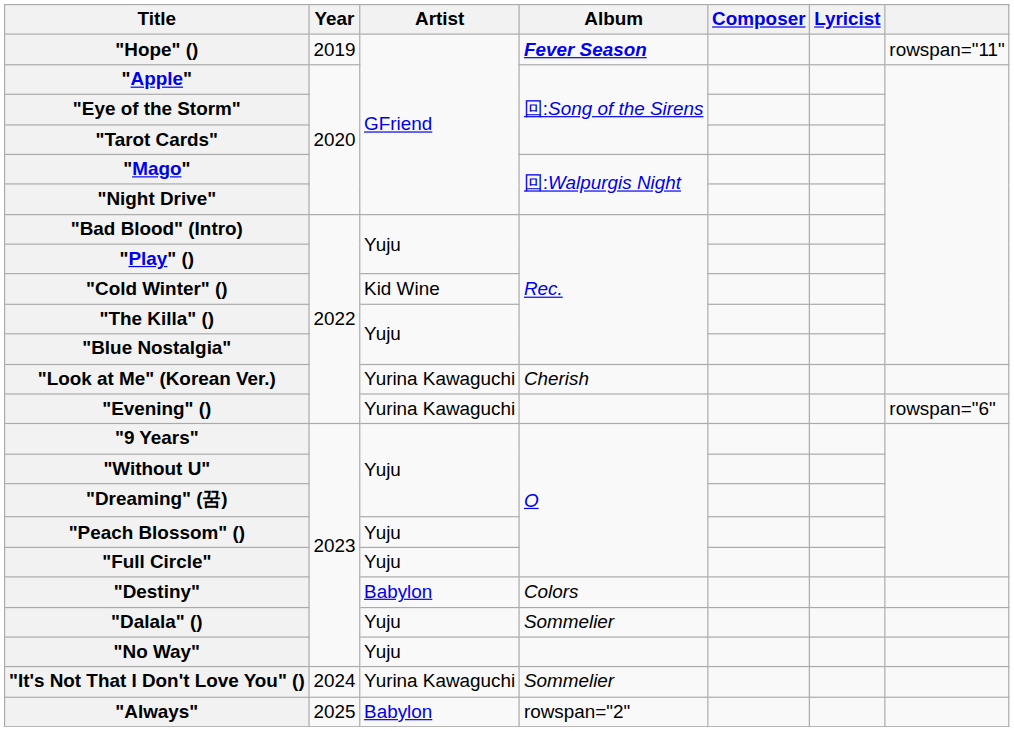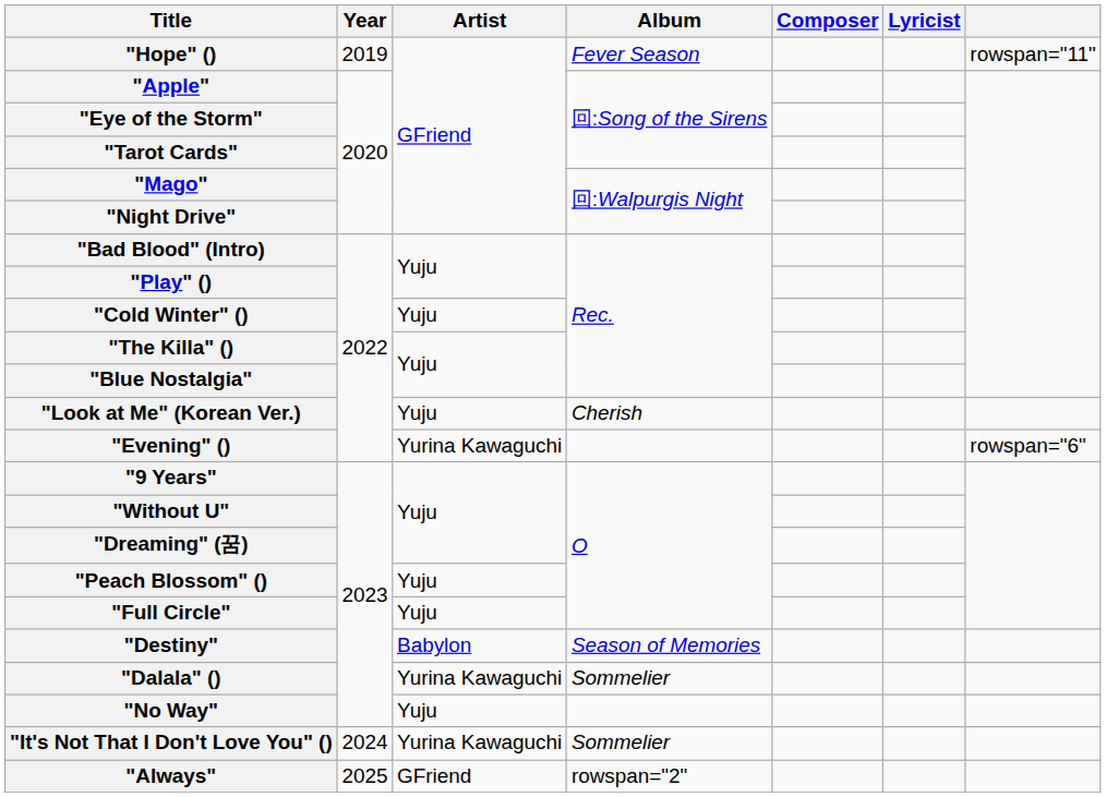 <table class="wikitable plainrowheaders sortable">
 <tr>
 <th scope="col">Title</th>
 <th scope="col">Year</th>
 <th scope="col">Artist</th>
 <th scope="col">Album</th>
 <th scope="col"><a href='#'>Composer</a></th>
 <th scope="col"><a href='#'>Lyricist</a></th>
 <th scope="col" class="unsortable"></th>
 </tr>
 <tr>
 <th scope="row">"Hope" ()</th>
 <td style="text-align:center">2019</td>
 <td rowspan="6"><a href='#'>GFriend</a></td>
-<td><strong><a href='#'><em>Fever Season</em></a></strong></td>
+<td><a href='#'><em>Fever Season</em></a></td>
 <td></td>
 <td></td>
 <td>rowspan="11" </td>
 </tr>
 <tr>
 <th scope="row">"<a href='#'>Apple</a>"</th>
 <td rowspan="5" style="text-align:center">2020</td>
 <td rowspan="3"><a href='#'>回:<em>Song of the Sirens</em></a></td>
 <td></td>
 <td></td>
 </tr>
 <tr>
 <th scope="row">"Eye of the Storm"</th>
 <td></td>
 <td></td>
 </tr>
 <tr>
 <th scope="row">"Tarot Cards"</th>
 <td></td>
 <td></td>
 </tr>
 <tr>
 <th scope="row">"<a href='#'>Mago</a>"</th>
 <td rowspan="2"><a href='#'>回:<em>Walpurgis Night</em></a></td>
 <td></td>
 <td></td>
 </tr>
 <tr>
 <th scope="row">"Night Drive"</th>
 <td></td>
 <td></td>
 </tr>
 <tr>
 <th scope="row">"Bad Blood" (Intro)</th>
 <td rowspan="7" style="text-align:center">2022</td>
 <td rowspan="2">Yuju</td>
 <td rowspan="5"><em><a href='#'>Rec.</a></em></td>
 <td></td>
 <td></td>
 </tr>
 <tr>
 <th scope="row">"<a href='#'>Play</a>" ()</th>
 <td></td>
 <td></td>
 </tr>
 <tr>
 <th scope="row">"Cold Winter" ()</th>
-<td>Kid Wine <br></td>
+<td>Yuju<br></td>
 <td></td>
 <td></td>
 </tr>
 <tr>
 <th scope="row">"The Killa" ()</th>
 <td rowspan="2">Yuju</td>
 <td></td>
 <td></td>
 </tr>
 <tr>
 <th scope="row">"Blue Nostalgia"</th>
 <td></td>
 <td></td>
 </tr>
 <tr>
 <th scope="row">"Look at Me" (Korean Ver.)</th>
-<td>Yurina Kawaguchi</td>
+<td>Yuju</td>
 <td><em>Cherish</em></td>
 <td></td>
 <td></td>
 <td style="text-align:center"></td>
 </tr>
 <tr>
 <th scope="row">"Evening" ()</th>
 <td>Yurina Kawaguchi</td>
 <td></td>
 <td></td>
 <td></td>
 <td>rowspan="6" </td>
 </tr>
 <tr>
 <th scope="row">"9 Years"</th>
 <td rowspan="8" style="text-align:center">2023</td>
 <td rowspan="3">Yuju</td>
 <td rowspan="5"><a href='#'><em>O</em></a></td>
 <td></td>
 <td></td>
 </tr>
 <tr>
 <th scope="row">"Without U"</th>
 <td></td>
 <td></td>
 </tr>
 <tr>
 <th scope="row">"Dreaming" (꿈)</th>
 <td></td>
 <td></td>
 </tr>
 <tr>
 <th scope="row">"Peach Blossom" ()</th>
 <td>Yuju<br></td>
 <td></td>
 <td></td>
 </tr>
 <tr>
 <th scope="row">"Full Circle"</th>
 <td>Yuju</td>
 <td></td>
 <td></td>
 </tr>
 <tr>
 <th scope="row">"Destiny"</th>
 <td><a href='#'>Babylon</a><br></td>
-<td><em>Colors</em></td>
+<td><em><a href='#'>Season of Memories</a></em></td>
 <td></td>
 <td></td>
 <td style="text-align:center"></td>
 </tr>
 <tr>
 <th scope="row">"Dalala" ()</th>
-<td>Yuju</td>
+<td>Yurina Kawaguchi</td>
 <td><em>Sommelier</em></td>
 <td></td>
 <td></td>
 <td style="text-align:center"></td>
 </tr>
 <tr>
 <th scope="row">"No Way"</th>
 <td>Yuju <br></td>
 <td></td>
 <td></td>
 <td></td>
 </tr>
 <tr>
 <th scope="row">"It's Not That I Don't Love You" ()</th>
 <td style="text-align:center">2024</td>
 <td>Yurina Kawaguchi</td>
 <td><em>Sommelier</em></td>
 <td></td>
 <td></td>
 <td style="text-align:center"></td>
 </tr>
 <tr>
 <th scope="row">"Always"</th>
 <td style="text-align:center">2025</td>
-<td><a href='#'>Babylon</a><br></td>
+<td>GFriend</td>
 <td>rowspan="2" </td>
 <td></td>
 <td></td>
 <td style="text-align:center"></td>
 </tr>
 </table>
